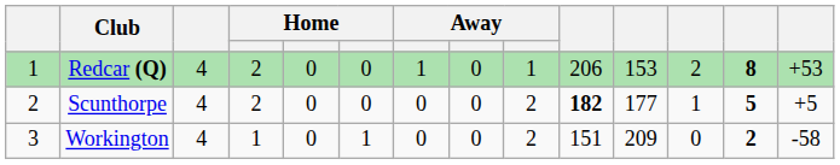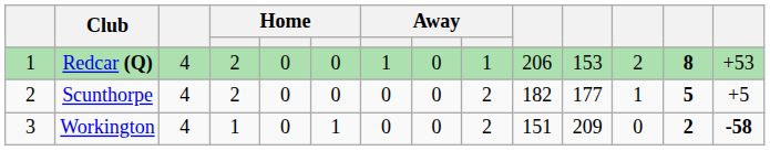 <table class="wikitable" style="text-align:center; font-size:85%">
 <tr>
 <th rowspan="2" style="width:28px;"></th>
 <th rowspan=2>Club</th>
 <th rowspan="2" style="width:28px;"></th>
 <th colspan=3>Home</th>
 <th colspan=3>Away</th>
 <th rowspan="2" style="width:28px;"></th>
 <th rowspan="2" style="width:28px;"></th>
 <th rowspan="2" style="width:28px;"></th>
 <th rowspan="2" style="width:28px;"></th>
 <th rowspan="2" style="width:28px;"></th>
 </tr>
 <tr>
 <th width=28></th>
 <th width=28></th>
 <th width=28></th>
 <th width=28></th>
 <th width=28></th>
 <th width=28></th>
 </tr>
 <tr style="background:#ACE1AF;">
 <td align="center">1</td>
 <td><a href='#'>Redcar</a> <strong>(Q)</strong></td>
 <td align="center">4</td>
 <td align="center">2</td>
 <td align="center">0</td>
 <td align="center">0</td>
 <td align="center">1</td>
 <td align="center">0</td>
 <td align="center">1</td>
 <td align="center">206</td>
 <td align="center">153</td>
 <td align="center">2</td>
 <td align="center"><strong>8</strong></td>
 <td align="center">+53</td>
 </tr>
 <tr>
 <td align="center">2</td>
 <td><a href='#'>Scunthorpe</a></td>
 <td align="center">4</td>
 <td align="center">2</td>
 <td align="center">0</td>
 <td align="center">0</td>
 <td align="center">0</td>
 <td align="center">0</td>
 <td align="center">2</td>
-<td align="center"><strong>182</strong></td>
+<td align="center">182</td>
 <td align="center">177</td>
 <td align="center">1</td>
 <td align="center"><strong>5</strong></td>
 <td align="center">+5</td>
 </tr>
 <tr>
 <td align="center">3</td>
 <td><a href='#'>Workington</a></td>
 <td align="center">4</td>
 <td align="center">1</td>
 <td align="center">0</td>
 <td align="center">1</td>
 <td align="center">0</td>
 <td align="center">0</td>
 <td align="center">2</td>
 <td align="center">151</td>
 <td align="center">209</td>
 <td align="center">0</td>
 <td align="center"><strong>2</strong></td>
-<td align="center">-58</td>
+<td align="center"><strong>-58</strong></td>
 </tr>
 </table>
